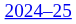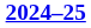 <table id=toc class=toc summary=Contents>
 <tr>
 <th></th>
 </tr>
 <tr>
-<td align=center><br><a href='#'></a><a href='#'>2024–25</a></td>
+<td align=center><strong><br><a href='#'></a><a href='#'>2024–25</a></strong></td>
 </tr>
 </table>
